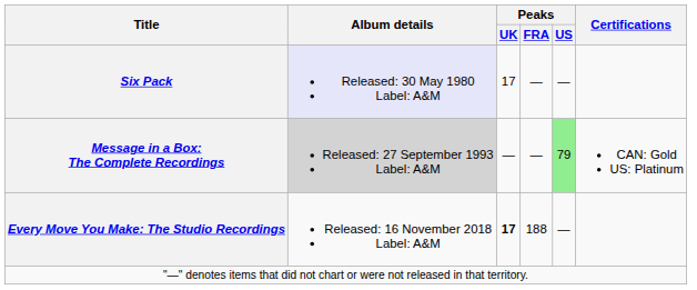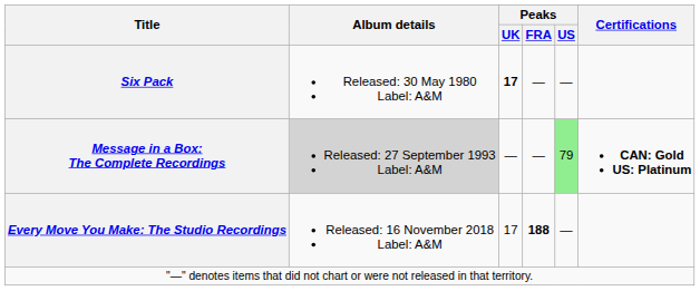 <table class="wikitable plainrowheaders" style="text-align:center;">
 <tr>
 <th scope="col" rowspan="2">Title</th>
 <th scope="col" rowspan="2">Album details</th>
 <th scope="col" colspan="3">Peaks</th>
 <th scope="col" rowspan="2"><a href='#'>Certifications</a></th>
 </tr>
 <tr>
 <th scope="col"><a href='#'>UK</a><br></th>
 <th scope="col"><a href='#'>FRA</a><br></th>
 <th scope="col"><a href='#'>US</a><br></th>
 </tr>
 <tr>
 <th scope="row"><em><a href='#'>Six Pack</a></em></th>
-<td style="background: lavender;"><br><ul><li>Released: 30 May 1980</li><li>Label: A&M</li></ul></td>
-<td>17</td>
+<td><br><ul><li>Released: 30 May 1980</li><li>Label: A&M</li></ul></td>
+<td><strong>17</strong></td>
 <td>—</td>
 <td>—</td>
 <td></td>
 </tr>
 <tr>
 <th scope="row"><em><a href='#'>Message in a Box:<br>The Complete Recordings</a></em></th>
 <td style="background: lightgrey;"><br><ul><li>Released: 27 September 1993</li><li>Label: A&M</li></ul></td>
 <td>—</td>
 <td>—</td>
 <td style="background: lightgreen;">79</td>
-<td><br><ul><li>CAN: Gold</li><li>US: Platinum</li></ul></td>
+<td><strong><br><ul><li>CAN: Gold</li><li>US: Platinum</li></ul></strong></td>
 </tr>
 <tr>
 <th scope="row"><em><a href='#'>Every Move You Make: The Studio Recordings</a></em></th>
 <td><br><ul><li>Released: 16 November 2018</li><li>Label: A&M</li></ul></td>
-<td><strong>17</strong></td>
-<td>188</td>
+<td>17</td>
+<td><strong>188</strong></td>
 <td>—</td>
 <td></td>
 </tr>
 <tr>
 <td align="center" colspan="15" style="font-size:90%">"—" denotes items that did not chart or were not released in that territory.</td>
 </tr>
 </table>
